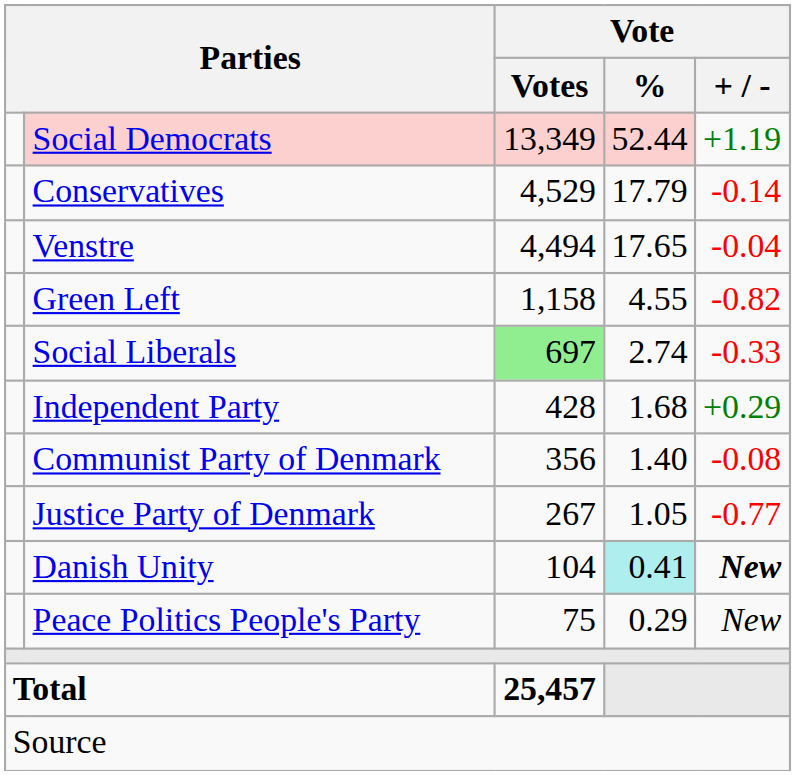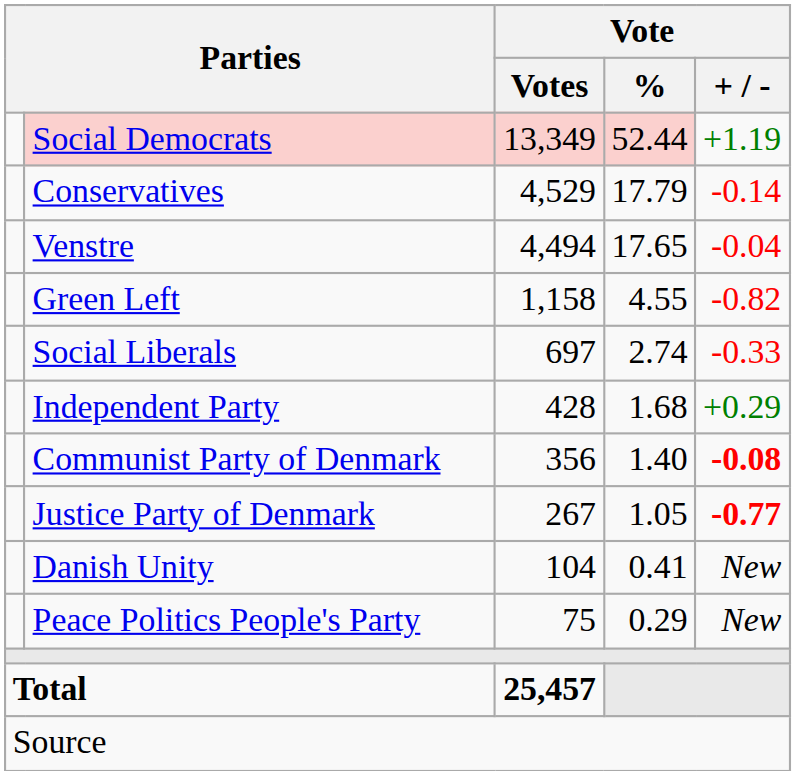 <table class="wikitable" style="text-align:right;">
 <tr>
 <th style="text-align:centre;" rowspan="2" colspan="2" width="225">Parties</th>
 <th colspan="3">Vote</th>
 </tr>
 <tr>
 <th width="15">Votes</th>
 <th width="15">%</th>
 <th width="15">+ / -</th>
 </tr>
 <tr>
 <td width="2" style="color:inherit;background:"></td>
 <td bgcolor=#fbd0ce  align="left"><a href='#'>Social Democrats</a></td>
 <td bgcolor=#fbd0ce>13,349</td>
 <td bgcolor=#fbd0ce>52.44</td>
 <td style=color:green;>+1.19</td>
 </tr>
 <tr>
 <td width="2" style="color:inherit;background:"></td>
 <td align="left"><a href='#'>Conservatives</a></td>
 <td>4,529</td>
 <td>17.79</td>
 <td style=color:red;>-0.14</td>
 </tr>
 <tr>
 <td width="2" style="color:inherit;background:"></td>
 <td align="left"><a href='#'>Venstre</a></td>
 <td>4,494</td>
 <td>17.65</td>
 <td style=color:red;>-0.04</td>
 </tr>
 <tr>
 <td width="2" style="color:inherit;background:"></td>
 <td align="left"><a href='#'>Green Left</a></td>
 <td>1,158</td>
 <td>4.55</td>
 <td style=color:red;>-0.82</td>
 </tr>
 <tr>
 <td width="2" style="color:inherit;background:"></td>
 <td align="left"><a href='#'>Social Liberals</a></td>
-<td style="background: lightgreen;">697</td>
+<td>697</td>
 <td>2.74</td>
 <td style=color:red;>-0.33</td>
 </tr>
 <tr>
 <td width="2" style="color:inherit;background:"></td>
 <td align="left"><a href='#'>Independent Party</a></td>
 <td>428</td>
 <td>1.68</td>
 <td style=color:green;>+0.29</td>
 </tr>
 <tr>
 <td width="2" style="color:inherit;background:"></td>
 <td align="left"><a href='#'>Communist Party of Denmark</a></td>
 <td>356</td>
 <td>1.40</td>
-<td style=color:red;>-0.08</td>
+<td style=color:red;><strong>-0.08</strong></td>
 </tr>
 <tr>
 <td width="2" style="color:inherit;background:"></td>
 <td align="left"><a href='#'>Justice Party of Denmark</a></td>
 <td>267</td>
 <td>1.05</td>
-<td style=color:red;>-0.77</td>
+<td style=color:red;><strong>-0.77</strong></td>
 </tr>
 <tr>
 <td width="2" style="color:inherit;background:"></td>
 <td align="left"><a href='#'>Danish Unity</a></td>
 <td>104</td>
-<td style="background: paleturquoise;">0.41</td>
-<td><strong><em>New</em></strong></td>
+<td>0.41</td>
+<td><em>New</em></td>
 </tr>
 <tr>
 <td width="2" style="color:inherit;background:"></td>
 <td align="left"><a href='#'>Peace Politics People's Party</a></td>
 <td>75</td>
 <td>0.29</td>
 <td><em>New</em></td>
 </tr>
 <tr>
 <td colspan="7" bgcolor="#E9E9E9"></td>
 </tr>
 <tr>
 <td align="left" colspan="2"><strong>Total</strong></td>
 <td><strong>25,457</strong></td>
 <td bgcolor="#E9E9E9" colspan="2"></td>
 </tr>
 <tr>
 <td align="left" colspan="6">Source</td>
 </tr>
 </table>
